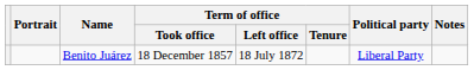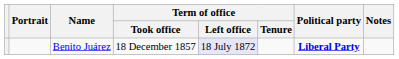 <table class="wikitable" style="text-align:center;">
 <tr>
 <th rowspan="2"></th>
 <th rowspan="2">Portrait</th>
 <th rowspan="2">Name<br></th>
 <th colspan="3">Term of office</th>
 <th rowspan="2">Political party</th>
 <th rowspan="2">Notes</th>
 </tr>
 <tr>
 <th>Took office</th>
 <th>Left office</th>
 <th>Tenure</th>
 </tr>
 <tr>
 <th style="background:"></th>
 <td></td>
 <td><a href='#'>Benito Juárez</a><br></td>
 <td>18 December 1857</td>
-<td>18 July 1872<br></td>
+<td style="background: lavender;">18 July 1872<br></td>
 <td></td>
-<td><a href='#'>Liberal Party</a></td>
+<td><strong><a href='#'>Liberal Party</a></strong></td>
 <td></td>
 </tr>
 </table>
